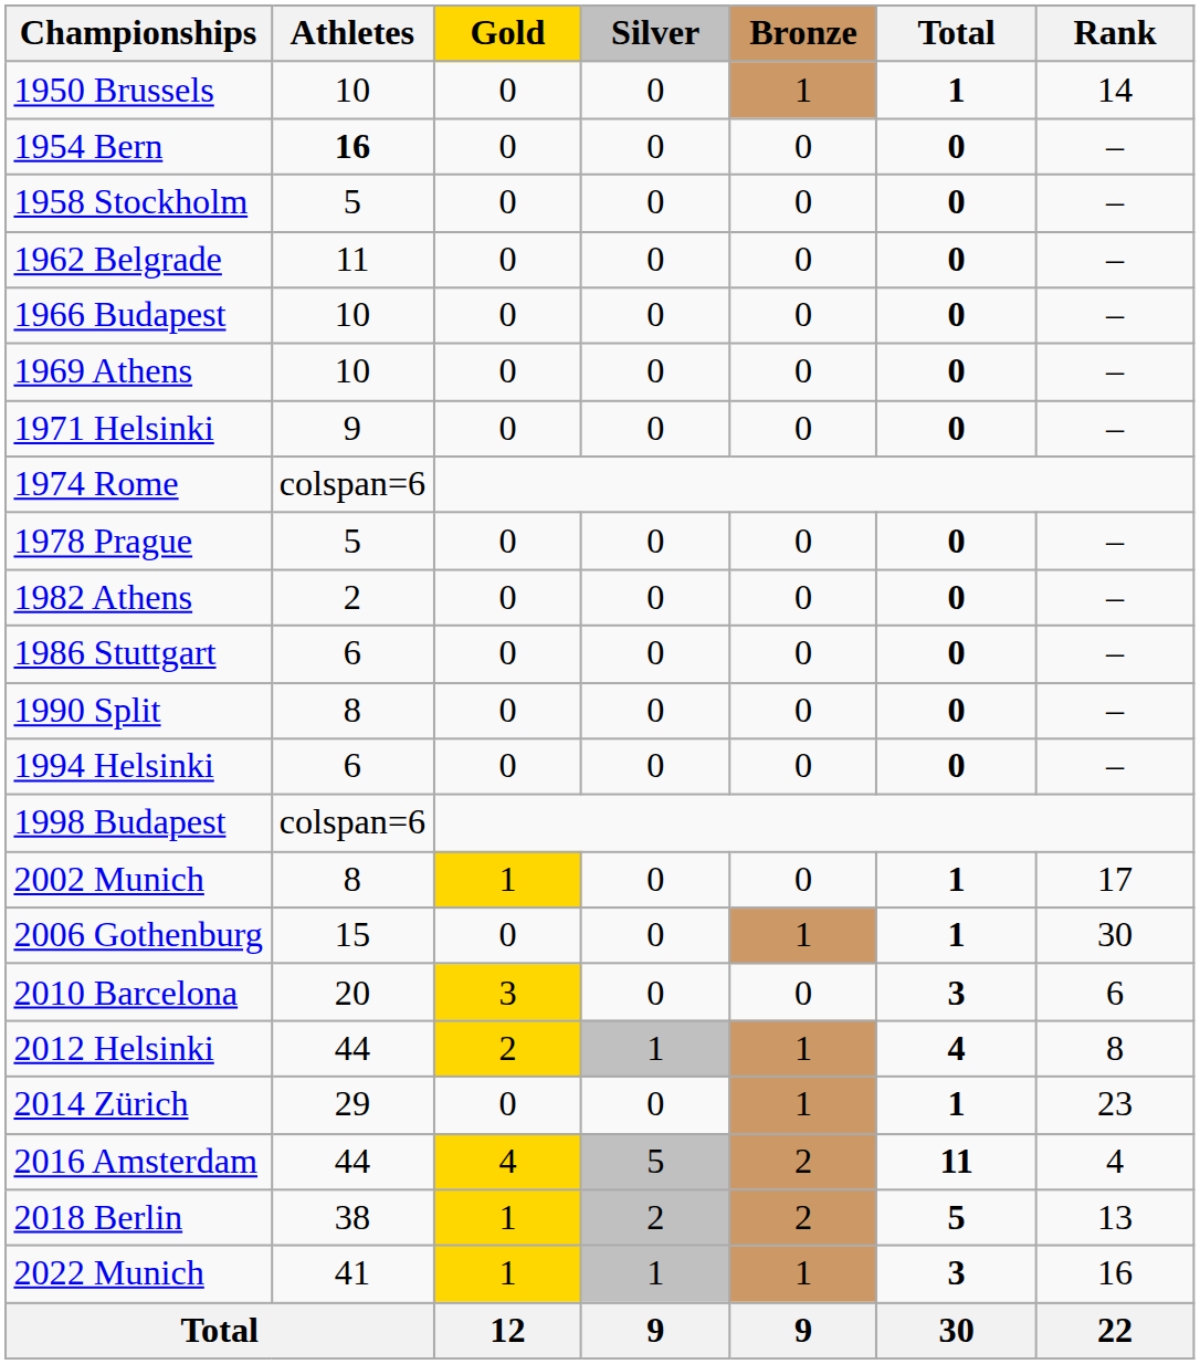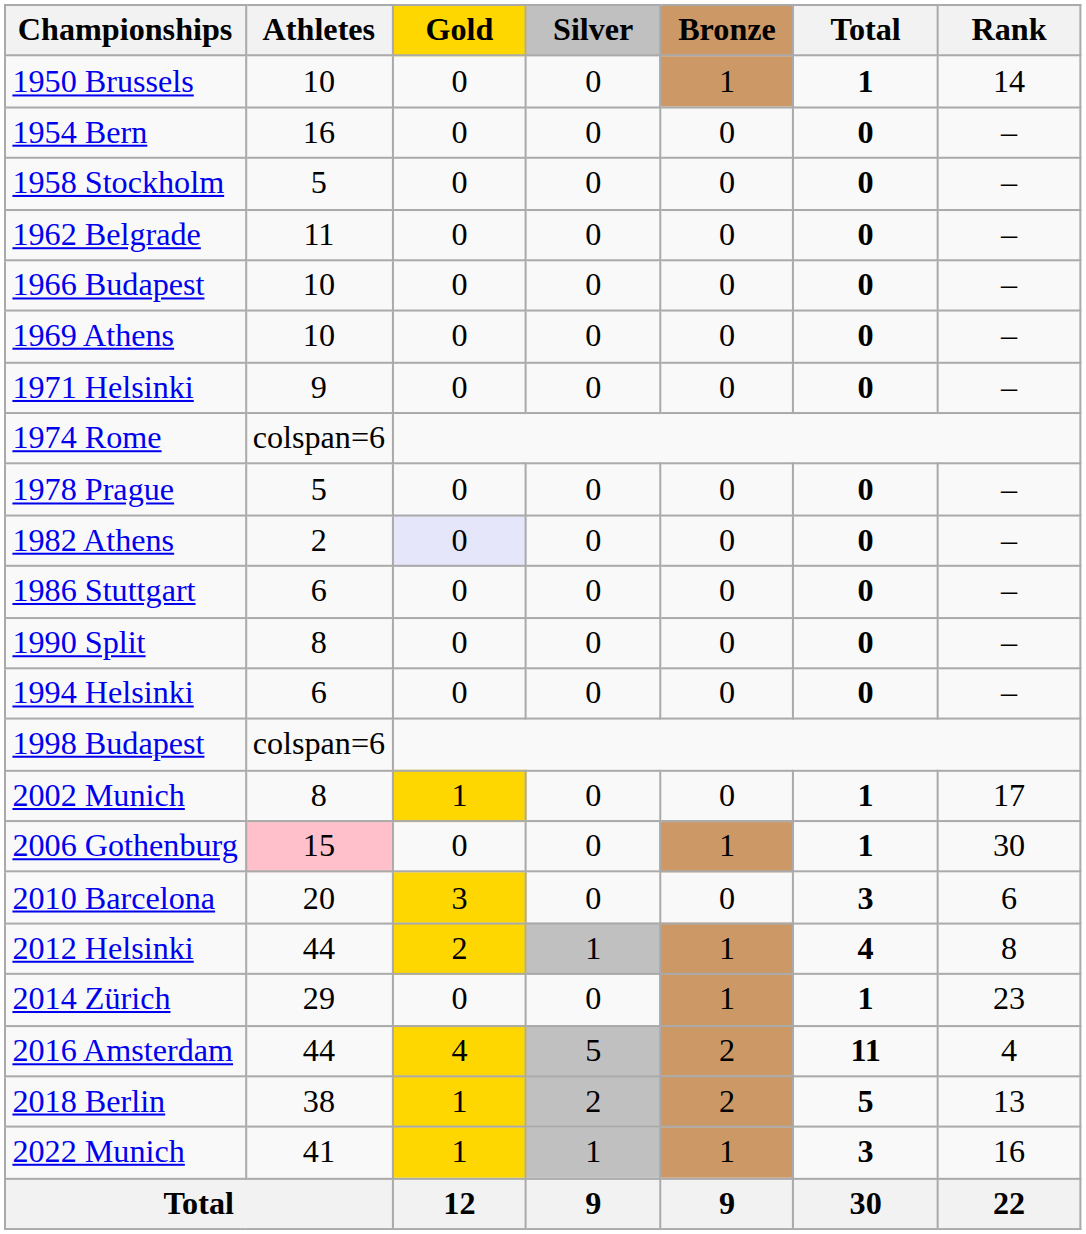 <table class=wikitable>
 <tr align=center>
 <th>Championships</th>
 <th>Athletes</th>
 <td style="background:gold; width:3.7em; font-weight:bold;">Gold</td>
 <td style="background:silver; width:3.7em; font-weight:bold;">Silver</td>
 <td style="background:#cc9966; width:3.7em; font-weight:bold;">Bronze</td>
 <th style="width:4em; font-weight:bold;">Total</th>
 <th style="width:4em; font-weight:bold;">Rank</th>
 </tr>
 <tr align=center>
 <td align=left> <a href='#'>1950 Brussels</a></td>
 <td>10</td>
 <td>0</td>
 <td>0</td>
 <td style="background:#cc9966;">1</td>
 <td><strong>1</strong></td>
 <td>14</td>
 </tr>
 <tr align=center>
 <td align=left> <a href='#'>1954 Bern</a></td>
-<td><strong>16</strong></td>
+<td>16</td>
 <td>0</td>
 <td>0</td>
 <td>0</td>
 <td><strong>0</strong></td>
 <td>–</td>
 </tr>
 <tr align=center>
 <td align=left> <a href='#'>1958 Stockholm</a></td>
 <td>5</td>
 <td>0</td>
 <td>0</td>
 <td>0</td>
 <td><strong>0</strong></td>
 <td>–</td>
 </tr>
 <tr align=center>
 <td align=left> <a href='#'>1962 Belgrade</a></td>
 <td>11</td>
 <td>0</td>
 <td>0</td>
 <td>0</td>
 <td><strong>0</strong></td>
 <td>–</td>
 </tr>
 <tr align=center>
 <td align=left> <a href='#'>1966 Budapest</a></td>
 <td>10</td>
 <td>0</td>
 <td>0</td>
 <td>0</td>
 <td><strong>0</strong></td>
 <td>–</td>
 </tr>
 <tr align=center>
 <td align=left> <a href='#'>1969 Athens</a></td>
 <td>10</td>
 <td>0</td>
 <td>0</td>
 <td>0</td>
 <td><strong>0</strong></td>
 <td>–</td>
 </tr>
 <tr align=center>
 <td align=left> <a href='#'>1971 Helsinki</a></td>
 <td>9</td>
 <td>0</td>
 <td>0</td>
 <td>0</td>
 <td><strong>0</strong></td>
 <td>–</td>
 </tr>
 <tr align=center>
 <td align=left> <a href='#'>1974 Rome</a></td>
 <td>colspan=6 </td>
 </tr>
 <tr align=center>
 <td align=left> <a href='#'>1978 Prague</a></td>
 <td>5</td>
 <td>0</td>
 <td>0</td>
 <td>0</td>
 <td><strong>0</strong></td>
 <td>–</td>
 </tr>
 <tr align=center>
 <td align=left> <a href='#'>1982 Athens</a></td>
 <td>2</td>
-<td>0</td>
+<td style="background: lavender;">0</td>
 <td>0</td>
 <td>0</td>
 <td><strong>0</strong></td>
 <td>–</td>
 </tr>
 <tr align=center>
 <td align=left> <a href='#'>1986 Stuttgart</a></td>
 <td>6</td>
 <td>0</td>
 <td>0</td>
 <td>0</td>
 <td><strong>0</strong></td>
 <td>–</td>
 </tr>
 <tr align=center>
 <td align=left> <a href='#'>1990 Split</a></td>
 <td>8</td>
 <td>0</td>
 <td>0</td>
 <td>0</td>
 <td><strong>0</strong></td>
 <td>–</td>
 </tr>
 <tr align=center>
 <td align=left> <a href='#'>1994 Helsinki</a></td>
 <td>6</td>
 <td>0</td>
 <td>0</td>
 <td>0</td>
 <td><strong>0</strong></td>
 <td>–</td>
 </tr>
 <tr align=center>
 <td align=left> <a href='#'>1998 Budapest</a></td>
 <td>colspan=6 </td>
 </tr>
 <tr align=center>
 <td align=left> <a href='#'>2002 Munich</a></td>
 <td>8</td>
 <td style="background:gold;">1</td>
 <td>0</td>
 <td>0</td>
 <td><strong>1</strong></td>
 <td>17</td>
 </tr>
 <tr align=center>
 <td align=left> <a href='#'>2006 Gothenburg</a></td>
-<td>15</td>
+<td style="background: pink;">15</td>
 <td>0</td>
 <td>0</td>
 <td style="background:#cc9966;">1</td>
 <td><strong>1</strong></td>
 <td>30</td>
 </tr>
 <tr align=center>
 <td align=left> <a href='#'>2010 Barcelona</a></td>
 <td>20</td>
 <td style="background:gold;">3</td>
 <td>0</td>
 <td>0</td>
 <td><strong>3</strong></td>
 <td>6</td>
 </tr>
 <tr align=center>
 <td align=left> <a href='#'>2012 Helsinki</a></td>
 <td>44</td>
 <td style="background:gold;">2</td>
 <td style="background:silver;">1</td>
 <td style="background:#cc9966;">1</td>
 <td><strong>4</strong></td>
 <td>8</td>
 </tr>
 <tr align=center>
 <td align=left> <a href='#'>2014 Zürich</a></td>
 <td>29</td>
 <td>0</td>
 <td>0</td>
 <td style="background:#cc9966;">1</td>
 <td><strong>1</strong></td>
 <td>23</td>
 </tr>
 <tr align=center>
 <td align=left> <a href='#'>2016 Amsterdam</a></td>
 <td>44</td>
 <td style="background:gold;">4</td>
 <td style="background:silver;">5</td>
 <td style="background:#cc9966;">2</td>
 <td><strong>11</strong></td>
 <td>4</td>
 </tr>
 <tr align=center>
 <td align=left> <a href='#'>2018 Berlin</a></td>
 <td>38</td>
 <td style="background:gold;">1</td>
 <td style="background:silver;">2</td>
 <td style="background:#cc9966;">2</td>
 <td><strong>5</strong></td>
 <td>13</td>
 </tr>
 <tr align=center>
 <td align=left> <a href='#'>2022 Munich</a></td>
 <td>41</td>
 <td style="background:gold;">1</td>
 <td style="background:silver;">1</td>
 <td style="background:#cc9966;">1</td>
 <td><strong>3</strong></td>
 <td>16</td>
 </tr>
 <tr>
 <th colspan=2>Total</th>
 <th>12</th>
 <th>9</th>
 <th>9</th>
 <th>30</th>
 <th>22</th>
 </tr>
 </table>
